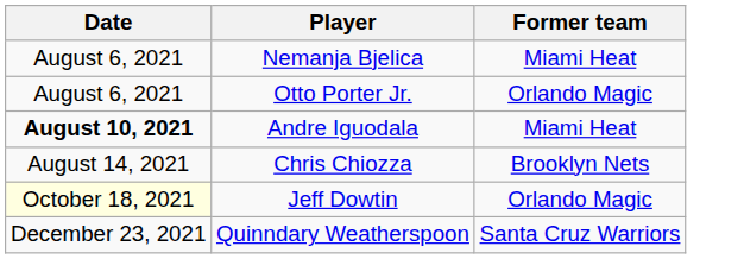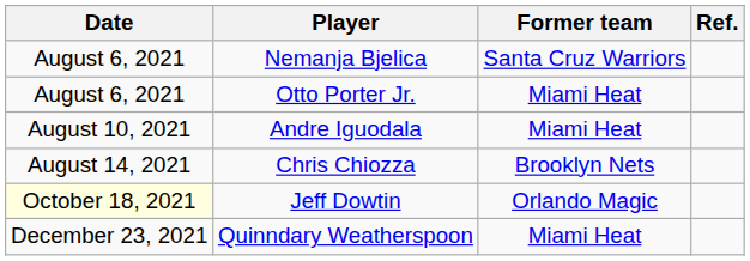 <table class="wikitable sortable sortable" style="text-align: center">
 <tr>
 <th>Date</th>
 <th>Player</th>
 <th>Former team</th>
+<th>Ref.</th>
 </tr>
 <tr>
 <td>August 6, 2021</td>
 <td><a href='#'>Nemanja Bjelica</a></td>
-<td><a href='#'>Miami Heat</a></td>
+<td><a href='#'>Santa Cruz Warriors</a></td>
+<td></td>
 </tr>
 <tr>
 <td>August 6, 2021</td>
 <td><a href='#'>Otto Porter Jr.</a></td>
-<td><a href='#'>Orlando Magic</a></td>
+<td><a href='#'>Miami Heat</a></td>
+<td></td>
 </tr>
 <tr>
-<td><strong>August 10, 2021</strong></td>
+<td>August 10, 2021</td>
 <td><a href='#'>Andre Iguodala</a></td>
 <td><a href='#'>Miami Heat</a></td>
+<td></td>
 </tr>
 <tr>
 <td>August 14, 2021</td>
 <td><a href='#'>Chris Chiozza</a></td>
 <td><a href='#'>Brooklyn Nets</a></td>
+<td></td>
 </tr>
 <tr>
 <td style="background: lightyellow;">October 18, 2021</td>
 <td><a href='#'>Jeff Dowtin</a></td>
 <td><a href='#'>Orlando Magic</a></td>
+<td></td>
 </tr>
 <tr>
 <td>December 23, 2021</td>
 <td><a href='#'>Quinndary Weatherspoon</a></td>
-<td><a href='#'>Santa Cruz Warriors</a></td>
+<td><a href='#'>Miami Heat</a></td>
+<td></td>
 </tr>
 </table>
